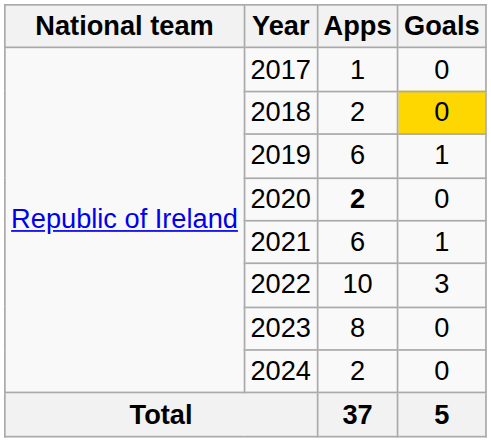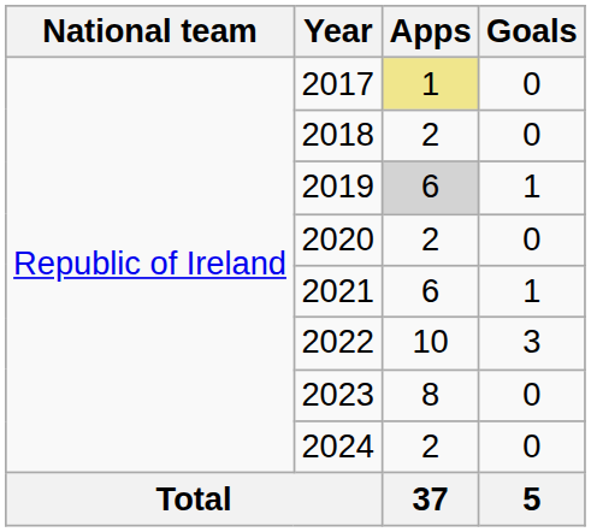 <table class="wikitable" style="text-align: center;">
 <tr>
 <th>National team</th>
 <th>Year</th>
 <th>Apps</th>
 <th>Goals</th>
 </tr>
 <tr>
 <td rowspan="8"><a href='#'>Republic of Ireland</a></td>
 <td>2017</td>
-<td>1</td>
+<td style="background: khaki;">1</td>
 <td>0</td>
 </tr>
 <tr>
 <td>2018</td>
 <td>2</td>
-<td style="background: gold;">0</td>
+<td>0</td>
 </tr>
 <tr>
 <td>2019</td>
-<td>6</td>
+<td style="background: lightgrey;">6</td>
 <td>1</td>
 </tr>
 <tr>
 <td>2020</td>
-<td><strong>2</strong></td>
+<td>2</td>
 <td>0</td>
 </tr>
 <tr>
 <td>2021</td>
 <td>6</td>
 <td>1</td>
 </tr>
 <tr>
 <td>2022</td>
 <td>10</td>
 <td>3</td>
 </tr>
 <tr>
 <td>2023</td>
 <td>8</td>
 <td>0</td>
 </tr>
 <tr>
 <td>2024</td>
 <td>2</td>
 <td>0</td>
 </tr>
 <tr>
 <th colspan="2">Total</th>
 <th>37</th>
 <th>5</th>
 </tr>
 </table>
